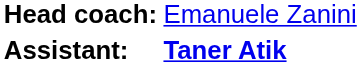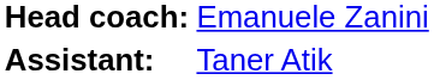 <table>
 <tr>
 <td><strong>Head coach:</strong></td>
 <td><a href='#'>Emanuele Zanini</a></td>
 </tr>
 <tr>
 <td><strong>Assistant:</strong></td>
-<td><strong><a href='#'>Taner Atik</a></strong></td>
+<td><a href='#'>Taner Atik</a></td>
 </tr>
 </table>
